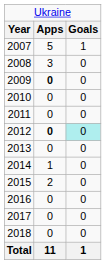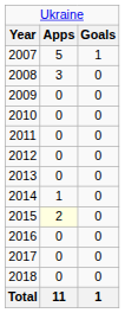 <table class="wikitable" style="text-align:center">
 <tr>
 <td colspan=4><a href='#'>Ukraine</a></td>
 </tr>
 <tr>
 <th>Year</th>
 <th>Apps</th>
 <th>Goals</th>
 </tr>
 <tr>
 <td>2007</td>
 <td>5</td>
 <td>1</td>
 </tr>
 <tr>
 <td>2008</td>
 <td>3</td>
 <td>0</td>
 </tr>
 <tr>
 <td>2009</td>
-<td><strong>0</strong></td>
+<td>0</td>
 <td>0</td>
 </tr>
 <tr>
 <td>2010</td>
 <td>0</td>
 <td>0</td>
 </tr>
 <tr>
 <td>2011</td>
 <td>0</td>
 <td>0</td>
 </tr>
 <tr>
 <td>2012</td>
-<td><strong>0</strong></td>
-<td style="background: paleturquoise;">0</td>
+<td>0</td>
+<td>0</td>
 </tr>
 <tr>
 <td>2013</td>
 <td>0</td>
 <td>0</td>
 </tr>
 <tr>
 <td>2014</td>
 <td>1</td>
 <td>0</td>
 </tr>
 <tr>
 <td>2015</td>
-<td>2</td>
+<td style="background: lightyellow;">2</td>
 <td>0</td>
 </tr>
 <tr>
 <td>2016</td>
 <td>0</td>
 <td>0</td>
 </tr>
 <tr>
 <td>2017</td>
 <td>0</td>
 <td>0</td>
 </tr>
 <tr>
 <td>2018</td>
 <td>0</td>
 <td>0</td>
 </tr>
 <tr>
 <th>Total</th>
 <th>11</th>
 <th>1</th>
 </tr>
 </table>
